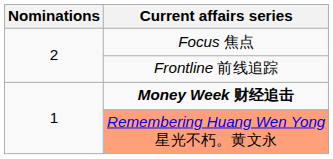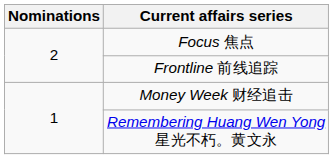 <table class="wikitable" style="text-align: center">
 <tr>
 <th scope="col" width="55">Nominations</th>
 <th scope="col" align="center">Current affairs series</th>
 </tr>
 <tr>
 <td rowspan=2 style="text-align:center;">2</td>
 <td><em>Focus</em> 焦点</td>
 </tr>
 <tr>
 <td><em>Frontline</em> 前线追踪</td>
 </tr>
 <tr>
 <td rowspan=2 style="text-align:center;">1</td>
-<td><strong><em>Money Week</em> 财经追击</strong></td>
+<td><em>Money Week</em> 财经追击</td>
 </tr>
 <tr>
-<td style="background: lightsalmon;"><em><a href='#'>Remembering Huang Wen Yong</a></em> <br> 星光不朽。黄文永</td>
+<td><em><a href='#'>Remembering Huang Wen Yong</a></em> <br> 星光不朽。黄文永</td>
 </tr>
 </table>
